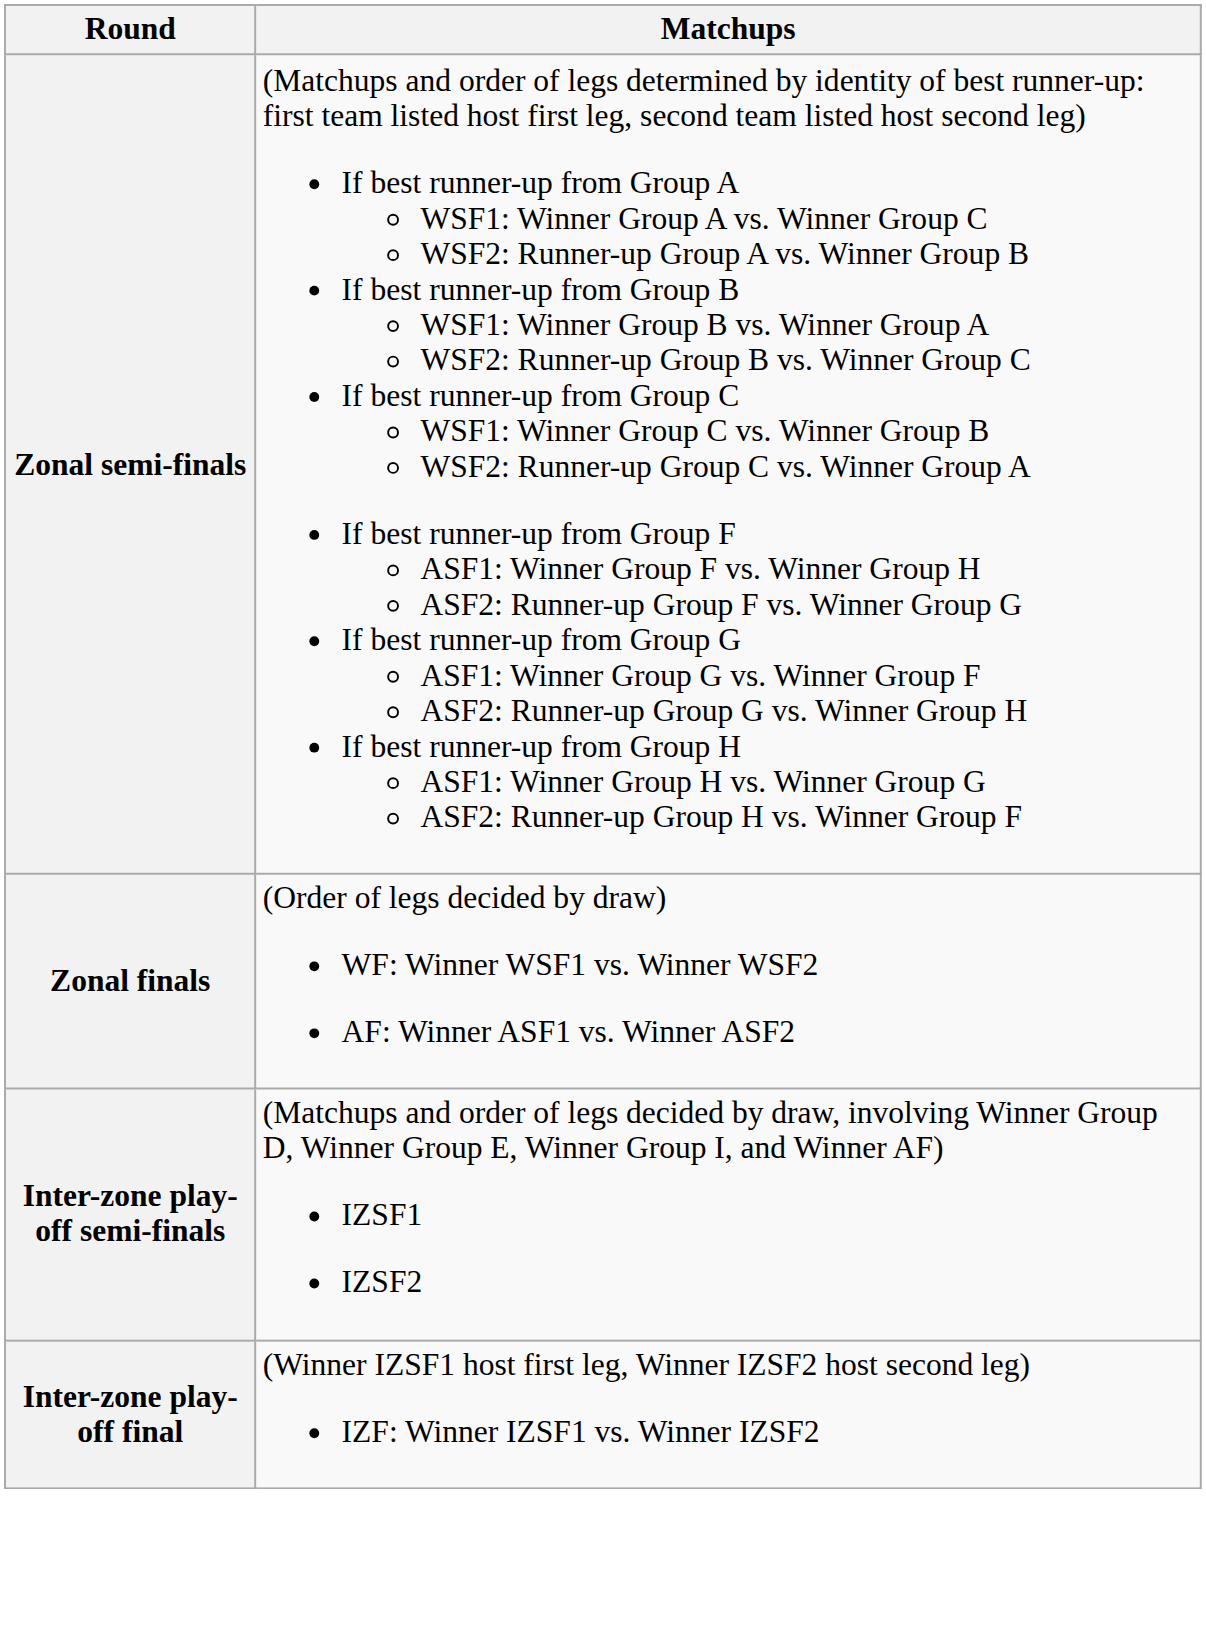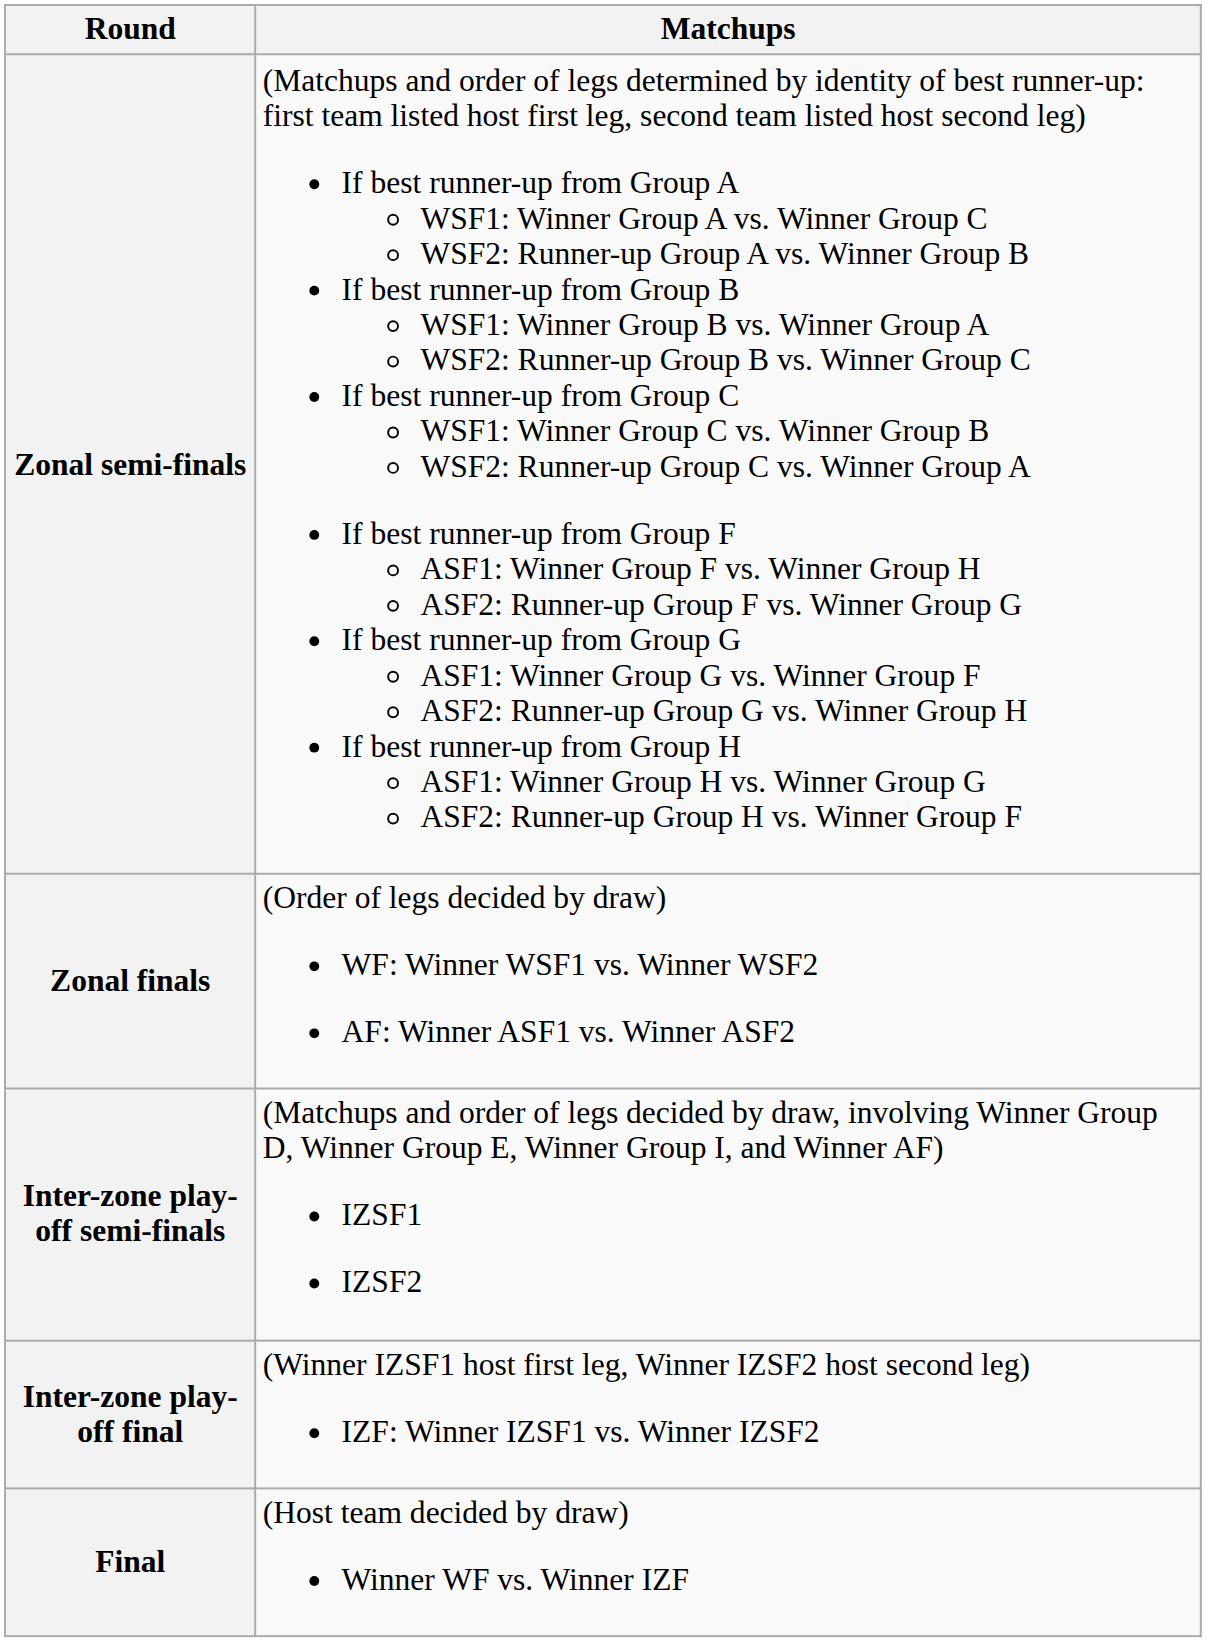 <table class=wikitable>
 <tr>
 <th>Round</th>
 <th>Matchups</th>
 </tr>
 <tr>
 <th>Zonal semi-finals</th>
 <td>(Matchups and order of legs determined by identity of best runner-up: first team listed host first leg, second team listed host second leg)<br> <ul><li>If best runner-up from Group A<ul><li>WSF1: Winner Group A vs. Winner Group C</li><li>WSF2: Runner-up Group A vs. Winner Group B</li></ul></li><li>If best runner-up from Group B<ul><li>WSF1: Winner Group B vs. Winner Group A</li><li>WSF2: Runner-up Group B vs. Winner Group C</li></ul></li><li>If best runner-up from Group C<ul><li>WSF1: Winner Group C vs. Winner Group B</li><li>WSF2: Runner-up Group C vs. Winner Group A</li></ul></li></ul><ul><li>If best runner-up from Group F<ul><li>ASF1: Winner Group F vs. Winner Group H</li><li>ASF2: Runner-up Group F vs. Winner Group G</li></ul></li><li>If best runner-up from Group G<ul><li>ASF1: Winner Group G vs. Winner Group F</li><li>ASF2: Runner-up Group G vs. Winner Group H</li></ul></li><li>If best runner-up from Group H<ul><li>ASF1: Winner Group H vs. Winner Group G</li><li>ASF2: Runner-up Group H vs. Winner Group F</li></ul></li></ul></td>
 </tr>
 <tr>
 <th>Zonal finals</th>
 <td>(Order of legs decided by draw)<br> <ul><li>WF: Winner WSF1 vs. Winner WSF2</li></ul><ul><li>AF: Winner ASF1 vs. Winner ASF2</li></ul></td>
 </tr>
 <tr>
 <th>Inter-zone play-off semi-finals</th>
 <td>(Matchups and order of legs decided by draw, involving Winner Group D, Winner Group E, Winner Group I, and Winner AF)<br> <ul><li>IZSF1</li></ul><ul><li>IZSF2</li></ul></td>
 </tr>
 <tr>
 <th>Inter-zone play-off final</th>
 <td>(Winner IZSF1 host first leg, Winner IZSF2 host second leg)<br><ul><li>IZF: Winner IZSF1 vs. Winner IZSF2</li></ul></td>
 </tr>
+<tr>
+<th>Final</th>
+<td>(Host team decided by draw)<br><ul><li>Winner WF vs. Winner IZF</li></ul></td>
+</tr>
 </table>
